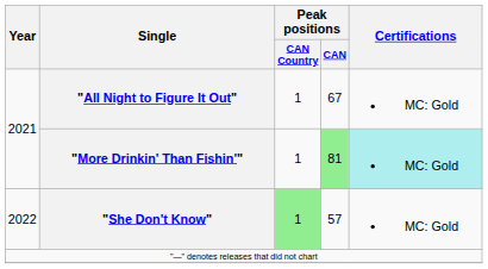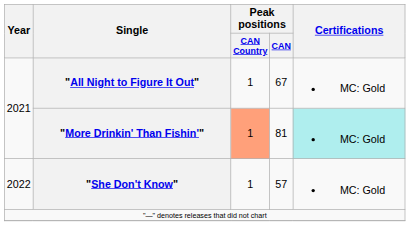 <table class="wikitable plainrowheaders" style="text-align:center;">
 <tr>
 <th rowspan="2">Year</th>
 <th rowspan="2" style="width:18em;">Single</th>
 <th colspan="2">Peak<br>positions</th>
 <th rowspan="2" style="width:10em;"><a href='#'>Certifications</a></th>
 </tr>
 <tr style="font-size:smaller;">
 <th><a href='#'>CAN<br>Country</a><br></th>
 <th><a href='#'>CAN</a><br></th>
 </tr>
 <tr>
 <td rowspan="2">2021</td>
 <th scope="row">"<a href='#'>All Night to Figure It Out</a>"</th>
 <td>1</td>
 <td>67</td>
 <td><br><ul><li>MC: Gold</li></ul></td>
 </tr>
 <tr>
 <th scope="row">"<a href='#'>More Drinkin' Than Fishin'</a>"<br></th>
-<td>1</td>
-<td style="background: lightgreen;">81</td>
+<td style="background: lightsalmon;">1</td>
+<td>81</td>
 <td style="background: paleturquoise;"><br><ul><li>MC: Gold</li></ul></td>
 </tr>
 <tr>
 <td>2022</td>
 <th scope="row">"<a href='#'>She Don't Know</a>"</th>
-<td style="background: lightgreen;">1</td>
+<td>1</td>
 <td>57</td>
 <td><br><ul><li>MC: Gold</li></ul></td>
 </tr>
 <tr>
 <td colspan="5" style="font-size:8pt">"—" denotes releases that did not chart</td>
 </tr>
 <tr>
 </tr>
 </table>
